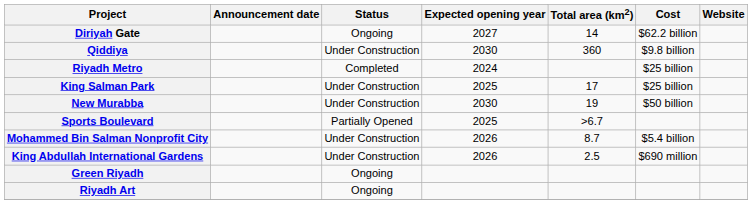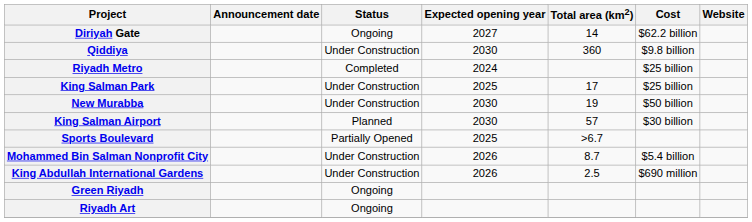 <table class="wikitable sortable" style="text-align:center;">
 <tr>
 <th>Project</th>
 <th>Announcement date</th>
 <th>Status</th>
 <th>Expected opening year</th>
 <th>Total area (km<sup>2</sup>)</th>
 <th>Cost</th>
 <th>Website</th>
 </tr>
 <tr>
 <th><a href='#'>Diriyah</a> Gate</th>
 <td></td>
 <td>Ongoing</td>
 <td>2027</td>
 <td>14</td>
 <td>$62.2 billion</td>
 <td></td>
 </tr>
 <tr>
 <th><a href='#'>Qiddiya</a></th>
 <td></td>
 <td>Under Construction</td>
 <td>2030</td>
 <td>360</td>
 <td>$9.8 billion</td>
 <td></td>
 </tr>
 <tr>
 <th><a href='#'>Riyadh Metro</a></th>
 <td></td>
 <td>Completed</td>
 <td>2024</td>
 <td></td>
 <td>$25 billion</td>
 <td></td>
 </tr>
 <tr>
 <th><a href='#'>King Salman Park</a></th>
 <td></td>
 <td>Under Construction</td>
 <td>2025</td>
 <td>17</td>
 <td>$25 billion</td>
 <td></td>
 </tr>
 <tr>
 <th><a href='#'>New Murabba</a></th>
 <td></td>
 <td>Under Construction</td>
 <td>2030</td>
 <td>19</td>
 <td>$50 billion</td>
 <td></td>
 </tr>
 <tr>
+<th><a href='#'>King Salman Airport</a></th>
+<td></td>
+<td>Planned</td>
+<td>2030</td>
+<td>57</td>
+<td>$30 billion</td>
+<td></td>
+</tr>
+<tr>
 <th><a href='#'>Sports Boulevard</a></th>
 <td></td>
 <td>Partially Opened</td>
 <td>2025</td>
 <td>>6.7</td>
 <td></td>
 <td></td>
 </tr>
 <tr>
 <th><a href='#'>Mohammed Bin Salman Nonprofit City</a></th>
 <td></td>
 <td>Under Construction</td>
 <td>2026</td>
 <td>8.7</td>
 <td>$5.4 billion</td>
 <td></td>
 </tr>
 <tr>
 <th><a href='#'>King Abdullah International Gardens</a></th>
 <td></td>
 <td>Under Construction</td>
 <td>2026</td>
 <td>2.5</td>
 <td>$690 million</td>
 <td></td>
 </tr>
 <tr>
 <th><a href='#'>Green Riyadh</a></th>
 <td></td>
 <td>Ongoing</td>
 <td></td>
 <td></td>
 <td></td>
 <td></td>
 </tr>
 <tr>
 <th><a href='#'>Riyadh Art</a></th>
 <td></td>
 <td>Ongoing</td>
 <td></td>
 <td></td>
 <td></td>
 <td></td>
 </tr>
 <tr>
 </tr>
 </table>
